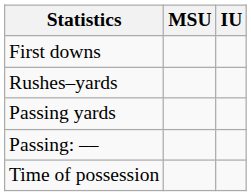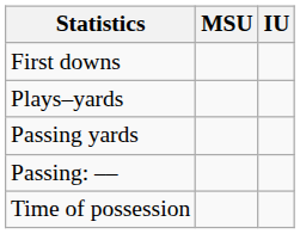 <table class="wikitable" style="float:left">
 <tr>
 <th>Statistics</th>
 <th>MSU</th>
 <th>IU</th>
 </tr>
 <tr>
 <td>First downs</td>
 <td></td>
 <td></td>
 </tr>
 <tr>
-<td>Rushes–yards</td>
+<td>Plays–yards</td>
 <td></td>
 <td></td>
 </tr>
 <tr>
 <td>Passing yards</td>
 <td></td>
 <td></td>
 </tr>
 <tr>
 <td>Passing: ––</td>
 <td></td>
 <td></td>
 </tr>
 <tr>
 <td>Time of possession</td>
 <td></td>
 <td></td>
 </tr>
 </table>
